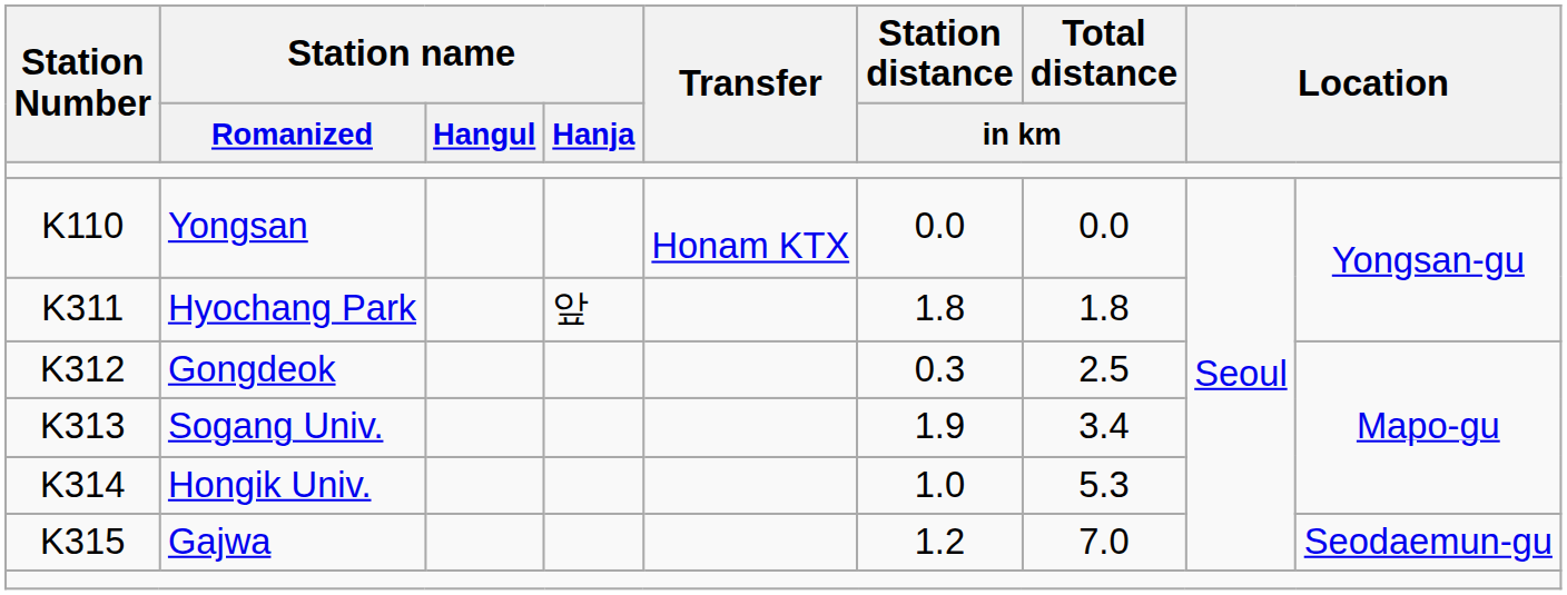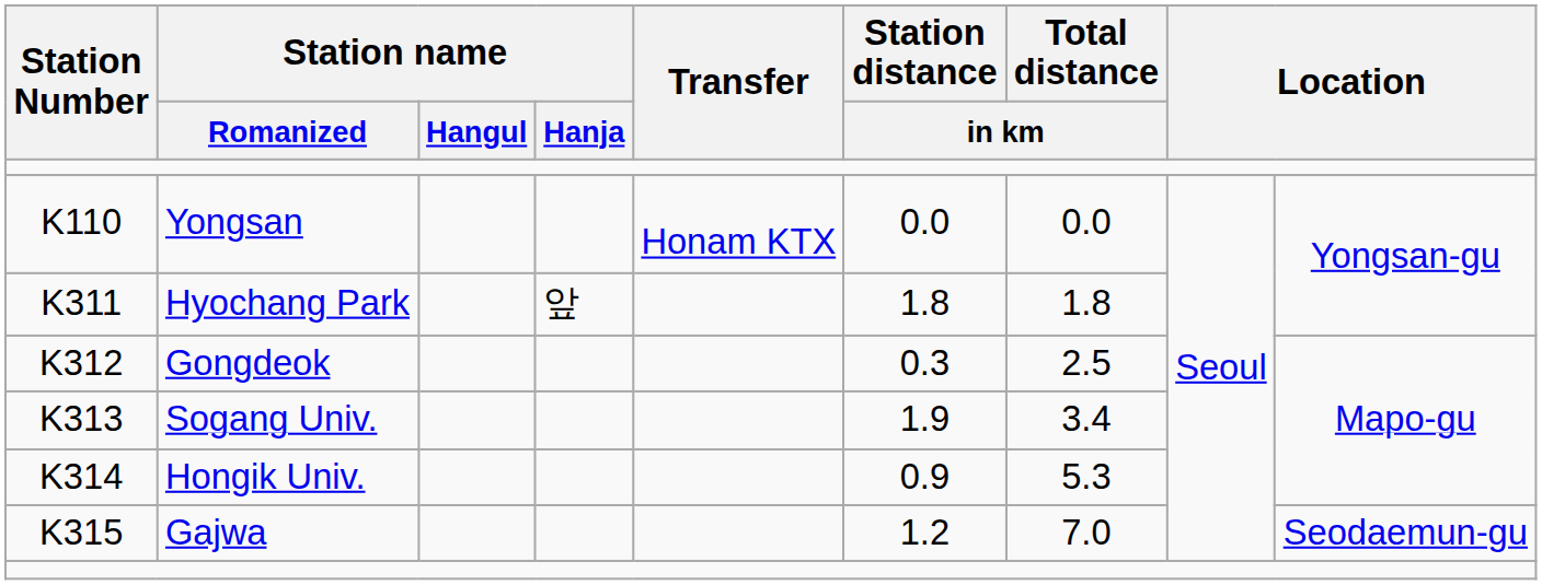 <table class="wikitable">
 <tr>
 <th rowspan="2">Station<br>Number</th>
 <th colspan="3">Station name</th>
 <th rowspan="2">Transfer</th>
 <th>Station<br>distance</th>
 <th>Total<br>distance</th>
 <th colspan="2" rowspan="2">Location</th>
 </tr>
 <tr>
 <th><small><a href='#'>Romanized</a></small></th>
 <th><small><a href='#'>Hangul</a></small></th>
 <th><small><a href='#'>Hanja</a></small></th>
 <th colspan="2"><small>in km</small></th>
 </tr>
 <tr style="background:#">
 <td colspan="10"></td>
 </tr>
 <tr>
 <td align=center>K110</td>
 <td><a href='#'>Yongsan</a></td>
 <td></td>
 <td></td>
 <td> <br>   <a href='#'>Honam KTX</a></td>
 <td align=center>0.0</td>
 <td align=center>0.0</td>
 <td rowspan="6" align=center><a href='#'>Seoul</a></td>
 <td rowspan="2" align=center><a href='#'>Yongsan-gu</a></td>
 </tr>
 <tr>
 <td align=center>K311</td>
 <td><a href='#'>Hyochang Park</a><br></td>
 <td></td>
 <td>앞</td>
 <td></td>
 <td align=center>1.8</td>
 <td align=center>1.8</td>
 </tr>
 <tr>
 <td align=center>K312</td>
 <td><a href='#'>Gongdeok</a></td>
 <td></td>
 <td></td>
 <td>  </td>
 <td align=center>0.3</td>
 <td align=center>2.5</td>
 <td rowspan="3" align=center><a href='#'>Mapo-gu</a></td>
 </tr>
 <tr>
 <td align=center>K313</td>
 <td><a href='#'>Sogang Univ.</a></td>
 <td></td>
 <td></td>
 <td></td>
 <td align=center>1.9</td>
 <td align=center>3.4</td>
 </tr>
 <tr>
 <td align=center>K314</td>
 <td><a href='#'>Hongik Univ.</a></td>
 <td></td>
 <td></td>
 <td> </td>
-<td align=center>1.0</td>
+<td align=center>0.9</td>
 <td align=center>5.3</td>
 </tr>
 <tr>
 <td align=center>K315</td>
 <td><a href='#'>Gajwa</a></td>
 <td></td>
 <td></td>
 <td></td>
 <td align=center>1.2</td>
 <td align=center>7.0</td>
 <td align=center><a href='#'>Seodaemun-gu</a></td>
 </tr>
 <tr style="background:#">
 <td colspan="10"></td>
 </tr>
 </table>
